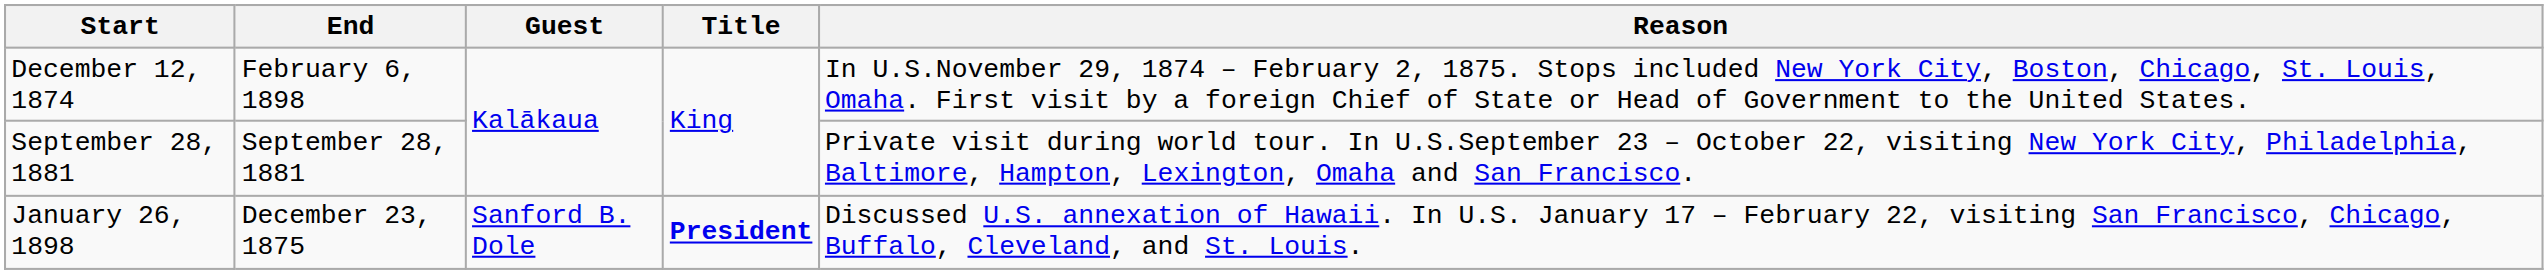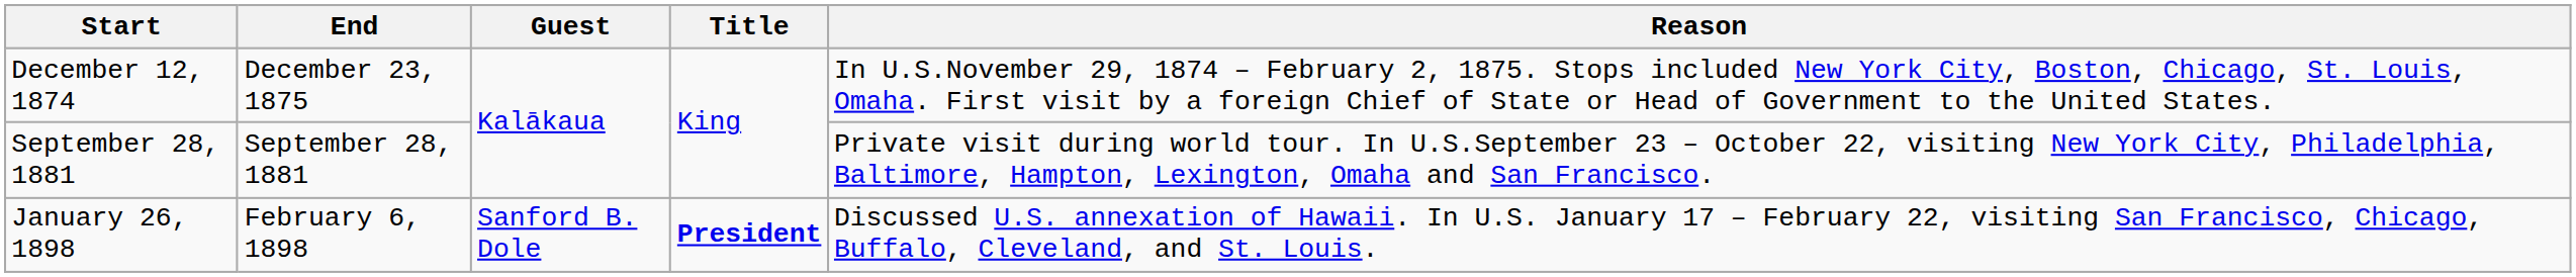 <table class="wikitable sortable">
 <tr>
 <th>Start</th>
 <th>End</th>
 <th>Guest</th>
 <th>Title</th>
 <th>Reason</th>
 </tr>
 <tr>
 <td>December 12, 1874</td>
-<td>February 6, 1898</td>
+<td>December 23, 1875</td>
 <td rowspan=2><a href='#'>Kalākaua</a></td>
 <td rowspan=2><a href='#'>King</a></td>
 <td>In U.S.November 29, 1874 – February 2, 1875. Stops included <a href='#'>New York City</a>, <a href='#'>Boston</a>, <a href='#'>Chicago</a>, <a href='#'>St. Louis</a>, <a href='#'>Omaha</a>. First visit by a foreign Chief of State or Head of Government to the United States.</td>
 </tr>
 <tr>
 <td>September 28, 1881</td>
 <td>September 28, 1881</td>
 <td>Private visit during world tour. In U.S.September 23 – October 22, visiting <a href='#'>New York City</a>, <a href='#'>Philadelphia</a>, <a href='#'>Baltimore</a>, <a href='#'>Hampton</a>, <a href='#'>Lexington</a>, <a href='#'>Omaha</a> and <a href='#'>San Francisco</a>.</td>
 </tr>
 <tr>
 <td>January 26, 1898</td>
-<td>December 23, 1875</td>
+<td>February 6, 1898</td>
 <td><a href='#'>Sanford B. Dole</a></td>
 <td><strong><a href='#'>President</a></strong></td>
 <td>Discussed <a href='#'>U.S. annexation of Hawaii</a>. In U.S. January 17 – February 22, visiting <a href='#'>San Francisco</a>, <a href='#'>Chicago</a>, <a href='#'>Buffalo</a>, <a href='#'>Cleveland</a>, and <a href='#'>St. Louis</a>.</td>
 </tr>
 </table>
